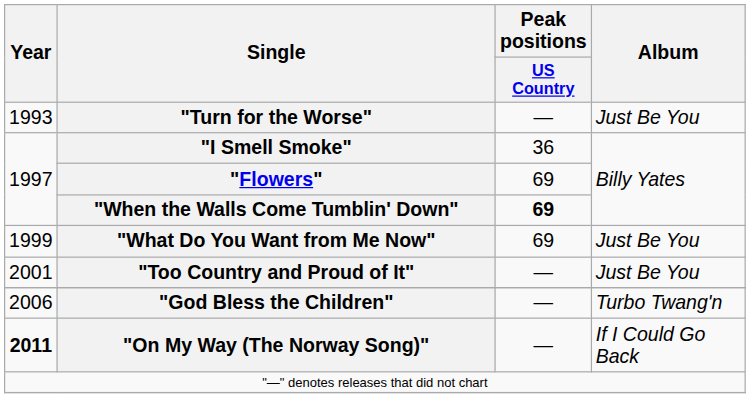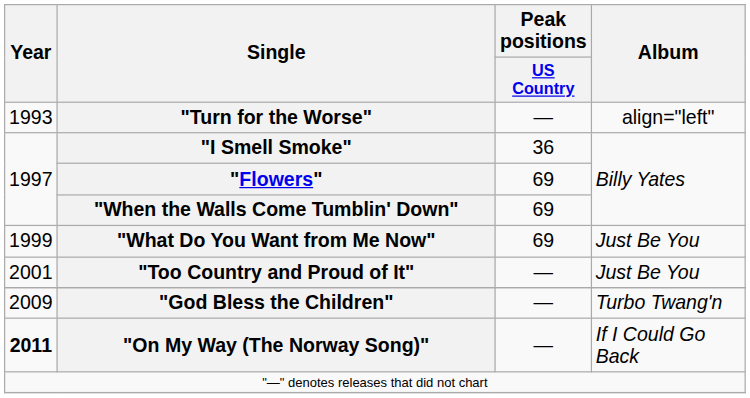 <table class="wikitable plainrowheaders" style="text-align:center;">
 <tr>
 <th rowspan="2">Year</th>
 <th rowspan="2" style="width:22em;">Single</th>
 <th colspan="1">Peak positions</th>
 <th rowspan="2">Album</th>
 </tr>
 <tr style="font-size:smaller;">
 <th width="60"><a href='#'>US Country</a></th>
 </tr>
 <tr>
 <td>1993</td>
 <th scope="row">"Turn for the Worse"</th>
 <td>—</td>
-<td align="left"><em>Just Be You</em></td>
+<td>align="left" </td>
 </tr>
 <tr>
 <td rowspan="3">1997</td>
 <th scope="row">"I Smell Smoke"</th>
 <td>36</td>
 <td align="left" rowspan="3"><em>Billy Yates</em></td>
 </tr>
 <tr>
 <th scope="row">"<a href='#'>Flowers</a>"</th>
 <td>69</td>
 </tr>
 <tr>
 <th scope="row">"When the Walls Come Tumblin' Down"</th>
-<td><strong>69</strong></td>
+<td>69</td>
 </tr>
 <tr>
 <td>1999</td>
 <th scope="row">"What Do You Want from Me Now"</th>
 <td>69</td>
 <td align="left"><em>Just Be You</em></td>
 </tr>
 <tr>
 <td>2001</td>
 <th scope="row">"Too Country and Proud of It"</th>
 <td>—</td>
 <td align="left"><em>Just Be You</em></td>
 </tr>
 <tr>
 </tr>
 <tr>
-<td>2006</td>
+<td>2009</td>
 <th scope="row">"God Bless the Children"<br></th>
 <td>—</td>
 <td align="left"><em>Turbo Twang'n</em></td>
 </tr>
 <tr>
 <td><strong>2011</strong></td>
 <th scope="row">"On My Way (The Norway Song)"</th>
 <td>—</td>
 <td align="left"><em>If I Could Go Back</em></td>
 </tr>
 <tr>
 <td colspan="4" style="font-size:8pt">"—" denotes releases that did not chart</td>
 </tr>
 <tr>
 </tr>
 </table>
